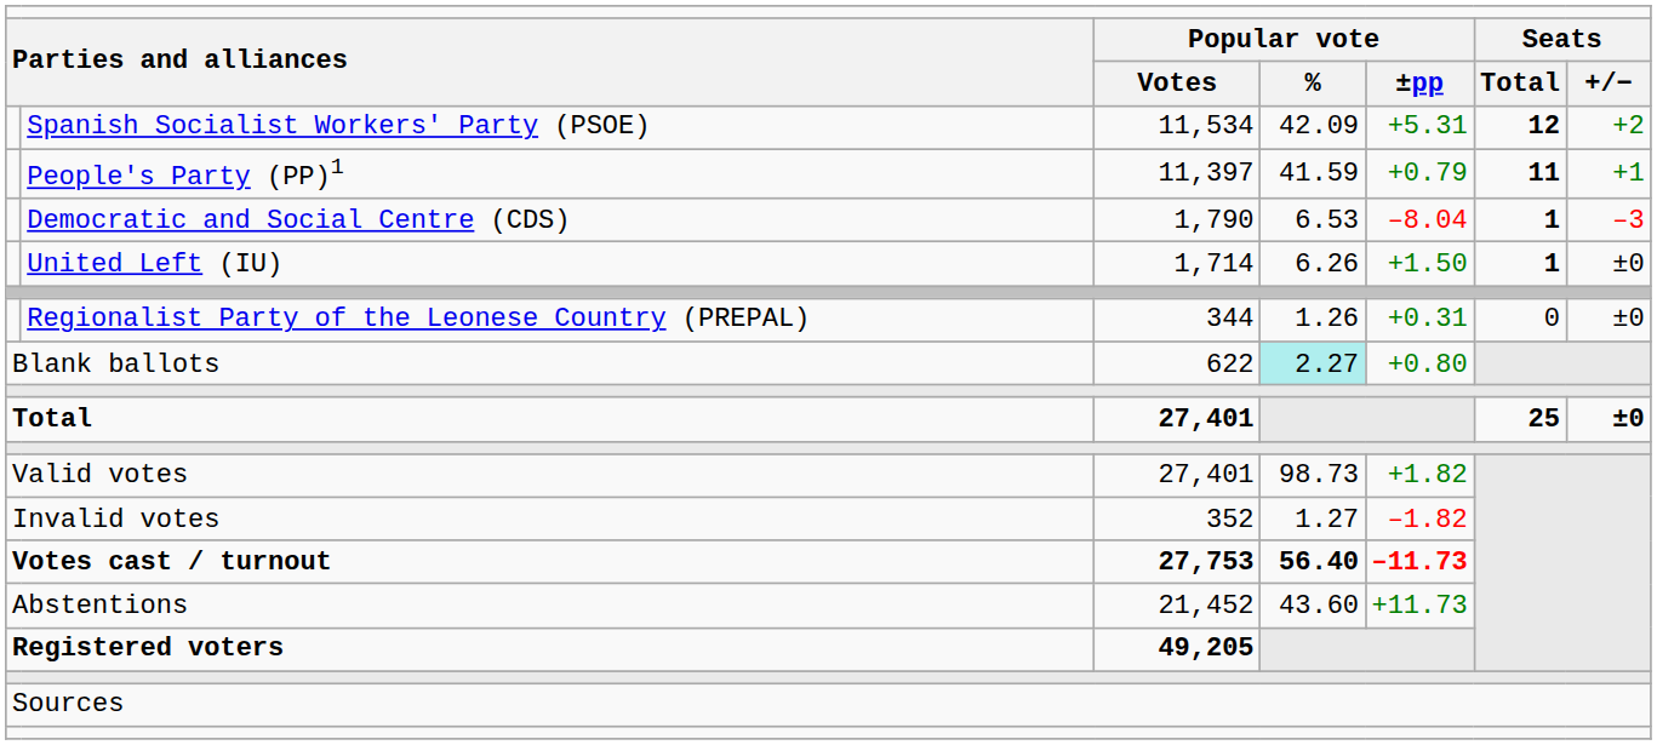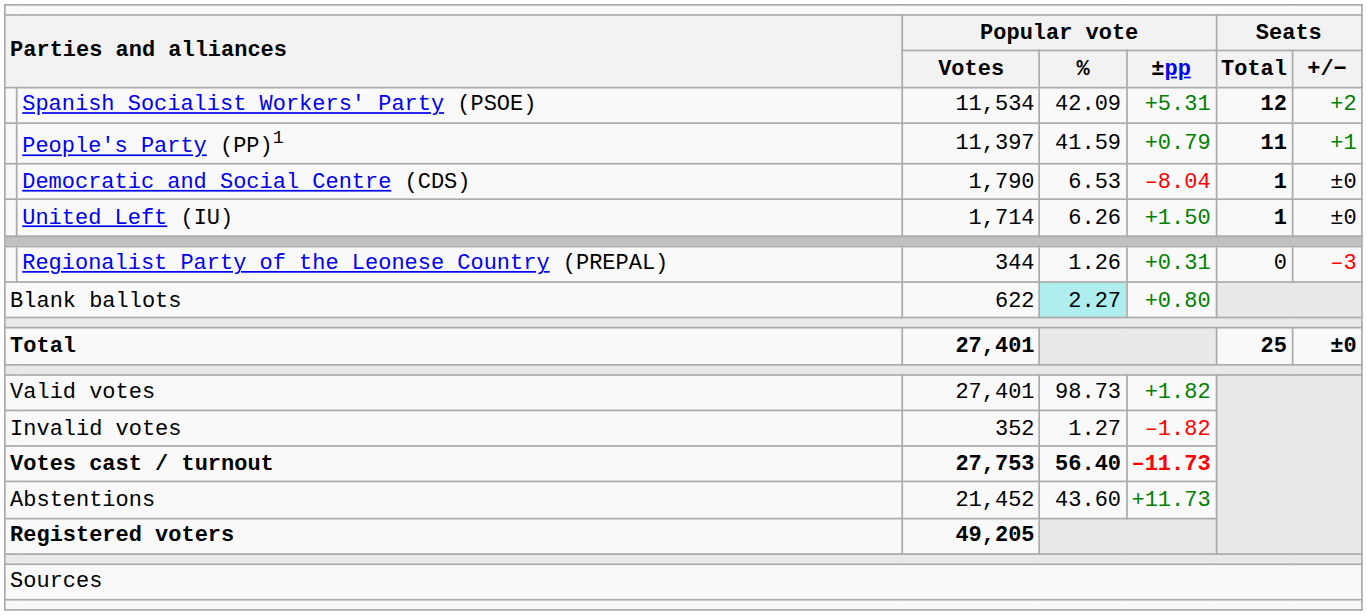 <table class="wikitable" style="text-align:right;">
 <tr>
 <td colspan="7"></td>
 </tr>
 <tr>
 <th style="text-align:left;" rowspan="2" colspan="2" width="525">Parties and alliances</th>
 <th colspan="3">Popular vote</th>
 <th colspan="2">Seats</th>
 </tr>
 <tr>
 <th width="75">Votes</th>
 <th width="45">%</th>
 <th width="45">±<a href='#'>pp</a></th>
 <th width="35">Total</th>
 <th width="35">+/−</th>
 </tr>
 <tr>
 <td width="1" style="color:inherit;background:"></td>
 <td align="left"><a href='#'>Spanish Socialist Workers' Party</a> (PSOE)</td>
 <td>11,534</td>
 <td>42.09</td>
 <td style="color:green;">+5.31</td>
 <td><strong>12</strong></td>
 <td style="color:green;">+2</td>
 </tr>
 <tr>
 <td style="color:inherit;background:"></td>
 <td align="left"><a href='#'>People's Party</a> (PP)<sup>1</sup></td>
 <td>11,397</td>
 <td>41.59</td>
 <td style="color:green;">+0.79</td>
 <td><strong>11</strong></td>
 <td style="color:green;">+1</td>
 </tr>
 <tr>
 <td style="color:inherit;background:"></td>
 <td align="left"><a href='#'>Democratic and Social Centre</a> (CDS)</td>
 <td>1,790</td>
 <td>6.53</td>
 <td style="color:red;">–8.04</td>
 <td><strong>1</strong></td>
-<td style="color:red;">–3</td>
+<td>±0</td>
 </tr>
 <tr>
 <td style="color:inherit;background:"></td>
 <td align="left"><a href='#'>United Left</a> (IU)</td>
 <td>1,714</td>
 <td>6.26</td>
 <td style="color:green;">+1.50</td>
 <td><strong>1</strong></td>
 <td>±0</td>
 </tr>
 <tr>
 <td colspan="7" bgcolor="#C0C0C0"></td>
 </tr>
 <tr>
 <td style="color:inherit;background:"></td>
 <td align="left"><a href='#'>Regionalist Party of the Leonese Country</a> (PREPAL)</td>
 <td>344</td>
 <td>1.26</td>
 <td style="color:green;">+0.31</td>
 <td>0</td>
-<td>±0</td>
+<td style="color:red;">–3</td>
 </tr>
 <tr>
 <td align="left" colspan="2">Blank ballots</td>
 <td>622</td>
 <td style="background: paleturquoise;">2.27</td>
 <td style="color:green;">+0.80</td>
 <td bgcolor="#E9E9E9" colspan="2"></td>
 </tr>
 <tr>
 <td colspan="7" bgcolor="#E9E9E9"></td>
 </tr>
 <tr style="font-weight:bold;">
 <td align="left" colspan="2">Total</td>
 <td>27,401</td>
 <td bgcolor="#E9E9E9" colspan="2"></td>
 <td>25</td>
 <td>±0</td>
 </tr>
 <tr>
 <td colspan="7" bgcolor="#E9E9E9"></td>
 </tr>
 <tr>
 <td align="left" colspan="2">Valid votes</td>
 <td>27,401</td>
 <td>98.73</td>
 <td style="color:green;">+1.82</td>
 <td bgcolor="#E9E9E9" colspan="2" rowspan="5"></td>
 </tr>
 <tr>
 <td align="left" colspan="2">Invalid votes</td>
 <td>352</td>
 <td>1.27</td>
 <td style="color:red;">–1.82</td>
 </tr>
 <tr style="font-weight:bold;">
 <td align="left" colspan="2">Votes cast / turnout</td>
 <td>27,753</td>
 <td>56.40</td>
 <td style="color:red;">–11.73</td>
 </tr>
 <tr>
 <td align="left" colspan="2">Abstentions</td>
 <td>21,452</td>
 <td>43.60</td>
 <td style="color:green;">+11.73</td>
 </tr>
 <tr style="font-weight:bold;">
 <td align="left" colspan="2">Registered voters</td>
 <td>49,205</td>
 <td bgcolor="#E9E9E9" colspan="2"></td>
 </tr>
 <tr>
 <td colspan="7" bgcolor="#E9E9E9"></td>
 </tr>
 <tr>
 <td align="left" colspan="7">Sources</td>
 </tr>
 <tr>
 <td colspan="7" style="text-align:left; max-width:790px;"></td>
 </tr>
 </table>
